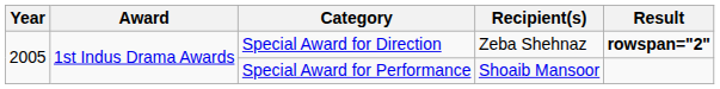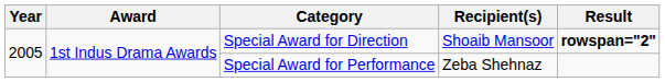 <table class="wikitable sortable">
 <tr>
 <th>Year</th>
 <th>Award</th>
 <th>Category</th>
 <th>Recipient(s)</th>
 <th>Result</th>
 </tr>
 <tr>
 <td rowspan="2">2005</td>
 <td rowspan="2"><a href='#'>1st Indus Drama Awards</a></td>
 <td><a href='#'>Special Award for Direction</a></td>
-<td>Zeba Shehnaz</td>
+<td><a href='#'>Shoaib Mansoor</a></td>
 <td><strong>rowspan="2" </strong></td>
 </tr>
 <tr>
 <td><a href='#'>Special Award for Performance</a></td>
-<td><a href='#'>Shoaib Mansoor</a></td>
+<td>Zeba Shehnaz</td>
 </tr>
 </table>
